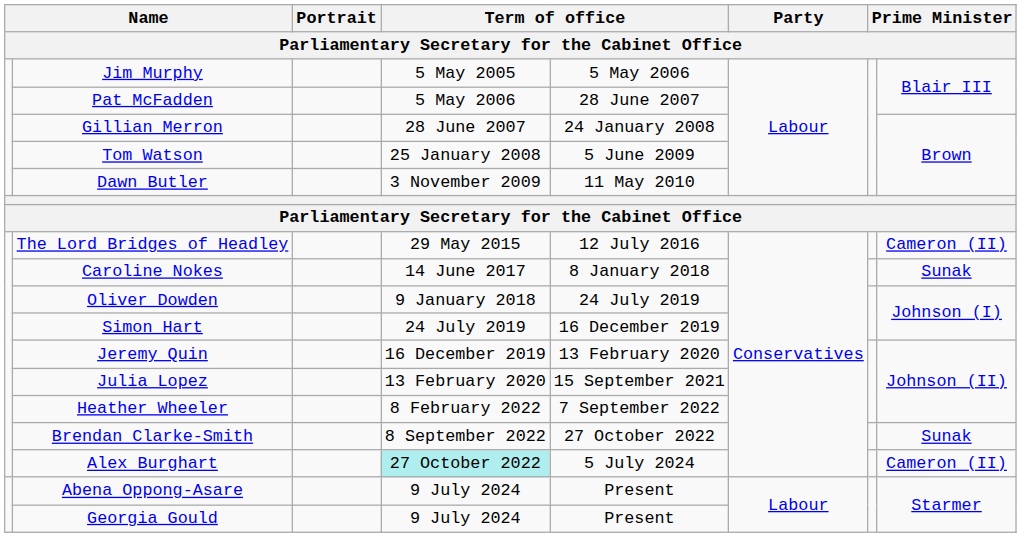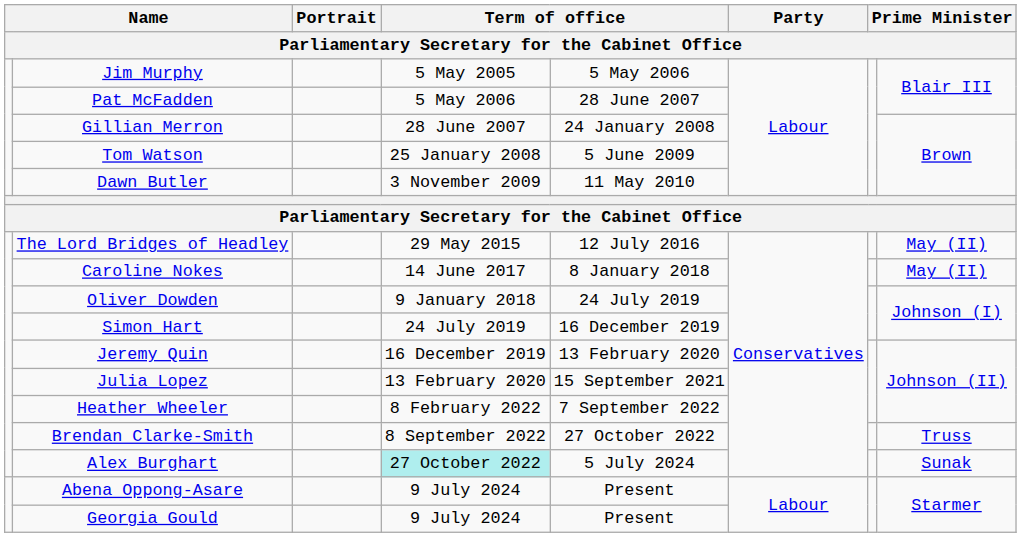 <table class="wikitable" style="text-align:center">
 <tr>
 <th colspan=2>Name</th>
 <th>Portrait</th>
 <th colspan=2>Term of office</th>
 <th>Party</th>
 <th colspan=2>Prime Minister</th>
 </tr>
 <tr>
 <th colspan="8">Parliamentary Secretary for the Cabinet Office</th>
 </tr>
 <tr>
 <td rowspan="5" ! style="background-color: "></td>
 <td><a href='#'>Jim Murphy</a></td>
 <td></td>
 <td>5 May 2005</td>
 <td>5 May 2006</td>
 <td rowspan="5"><a href='#'>Labour</a></td>
 <td rowspan="5" ! style="background-color: "></td>
 <td rowspan="2"><a href='#'>Blair III</a></td>
 </tr>
 <tr>
 <td><a href='#'>Pat McFadden</a></td>
 <td></td>
 <td>5 May 2006</td>
 <td>28 June 2007</td>
 </tr>
 <tr>
 <td><a href='#'>Gillian Merron</a></td>
 <td></td>
 <td>28 June 2007</td>
 <td>24 January 2008</td>
 <td rowspan="3"><a href='#'>Brown</a></td>
 </tr>
 <tr>
 <td><a href='#'>Tom Watson</a></td>
 <td></td>
 <td>25 January 2008</td>
 <td>5 June 2009</td>
 </tr>
 <tr>
 <td><a href='#'>Dawn Butler</a></td>
 <td></td>
 <td>3 November 2009</td>
 <td>11 May 2010</td>
 </tr>
 <tr>
 <th colspan="9"></th>
 </tr>
 <tr>
 <th colspan="9">Parliamentary Secretary for the Cabinet Office<br></th>
 </tr>
 <tr>
 <td rowspan="9" style="background-color: "></td>
 <td><a href='#'>The Lord Bridges of Headley</a></td>
 <td></td>
 <td>29 May 2015</td>
 <td>12 July 2016</td>
 <td rowspan="9"><a href='#'>Conservatives</a></td>
 <td style="background-color: "></td>
-<td><a href='#'>Cameron (II)</a></td>
+<td><a href='#'>May (II)</a></td>
 </tr>
 <tr>
 <td><a href='#'>Caroline Nokes</a></td>
 <td></td>
 <td>14 June 2017</td>
 <td>8 January 2018</td>
 <td style="background-color: "></td>
-<td><a href='#'>Sunak</a></td>
+<td><a href='#'>May (II)</a></td>
 </tr>
 <tr>
 <td><a href='#'>Oliver Dowden</a></td>
 <td></td>
 <td>9 January 2018</td>
 <td>24 July 2019</td>
 <td rowspan="2" style="background-color: "></td>
 <td rowspan="2"><a href='#'>Johnson (I)</a></td>
 </tr>
 <tr>
 <td><a href='#'>Simon Hart</a></td>
 <td></td>
 <td>24 July 2019</td>
 <td>16 December 2019</td>
 </tr>
 <tr>
 <td><a href='#'>Jeremy Quin</a></td>
 <td></td>
 <td>16 December 2019</td>
 <td>13 February 2020</td>
 <td rowspan="3" style="background-color: "></td>
 <td rowspan="3"><a href='#'>Johnson (II)</a></td>
 </tr>
 <tr>
 <td><a href='#'>Julia Lopez</a></td>
 <td></td>
 <td>13 February 2020</td>
 <td>15 September 2021</td>
 </tr>
 <tr>
 <td><a href='#'>Heather Wheeler</a></td>
 <td></td>
 <td>8 February 2022</td>
 <td>7 September 2022</td>
 </tr>
 <tr>
 <td><a href='#'>Brendan Clarke-Smith</a></td>
 <td></td>
 <td>8 September 2022</td>
 <td>27 October 2022</td>
 <td style="background-color: "></td>
-<td><a href='#'>Sunak</a></td>
+<td><a href='#'>Truss</a></td>
 </tr>
 <tr>
 <td><a href='#'>Alex Burghart</a></td>
 <td></td>
 <td style="background: paleturquoise;">27 October 2022</td>
 <td>5 July 2024</td>
 <td style="background-color: "></td>
-<td><a href='#'>Cameron (II)</a></td>
+<td><a href='#'>Sunak</a></td>
 </tr>
 <tr>
 <td rowspan="2" ! style="background-color: "></td>
 <td><a href='#'>Abena Oppong-Asare</a></td>
 <td></td>
 <td>9 July 2024</td>
 <td>Present</td>
 <td rowspan="2"><a href='#'>Labour</a></td>
 <td rowspan="2" style="background-color: "></td>
 <td rowspan="2"><a href='#'>Starmer</a></td>
 </tr>
 <tr>
 <td><a href='#'>Georgia Gould</a></td>
 <td></td>
 <td>9 July 2024</td>
 <td>Present</td>
 </tr>
 </table>
